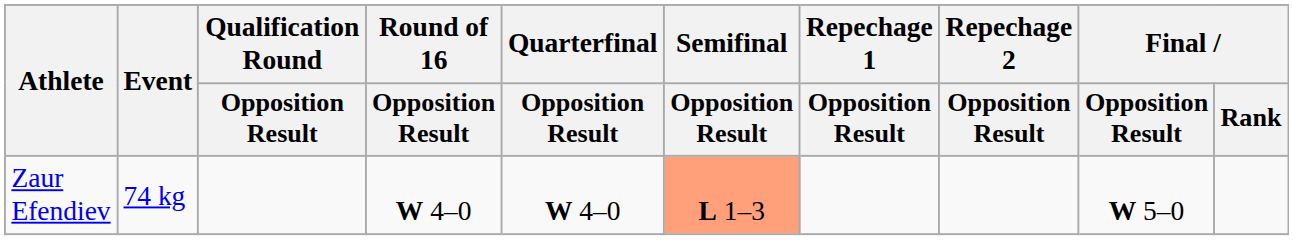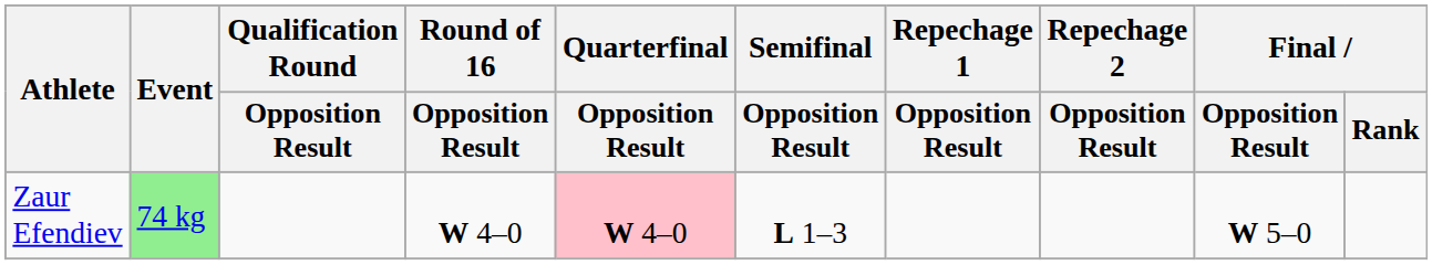 <table class="wikitable" style="font-size:90%;">
 <tr>
 <th rowspan=2>Athlete</th>
 <th rowspan=2>Event</th>
 <th>Qualification Round</th>
 <th>Round of 16</th>
 <th>Quarterfinal</th>
 <th>Semifinal</th>
 <th>Repechage 1</th>
 <th>Repechage 2</th>
 <th colspan=2>Final / </th>
 </tr>
 <tr style="font-size: 95%">
 <th>Opposition<br>Result</th>
 <th>Opposition<br>Result</th>
 <th>Opposition<br>Result</th>
 <th>Opposition<br>Result</th>
 <th>Opposition<br>Result</th>
 <th>Opposition<br>Result</th>
 <th>Opposition<br>Result</th>
 <th>Rank</th>
 </tr>
 <tr align=center>
 <td align=left><a href='#'>Zaur Efendiev</a></td>
-<td align=left><a href='#'>74 kg</a></td>
+<td align=left style="background: lightgreen;"><a href='#'>74 kg</a></td>
 <td></td>
 <td><br><strong>W</strong> 4–0</td>
-<td><br><strong>W</strong> 4–0</td>
-<td style="background: lightsalmon;"><br><strong>L</strong> 1–3</td>
+<td style="background: pink;"><br><strong>W</strong> 4–0</td>
+<td><br><strong>L</strong> 1–3</td>
 <td></td>
 <td></td>
 <td><br><strong>W</strong> 5–0</td>
 <td></td>
 </tr>
 </table>
